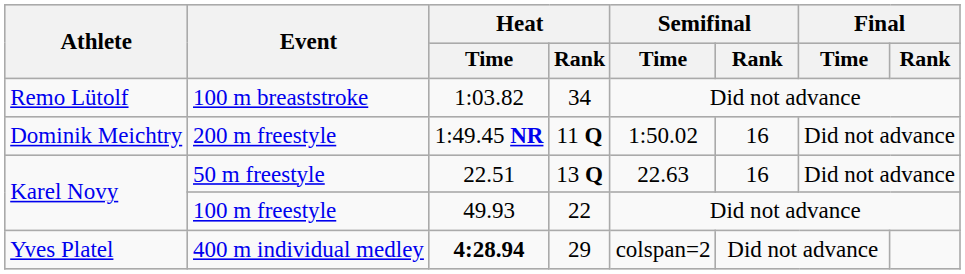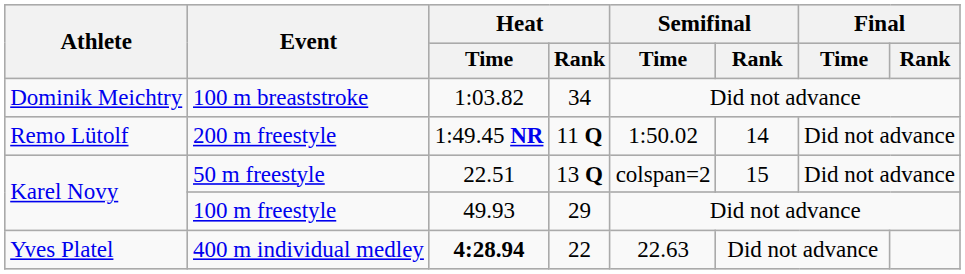 <table class=wikitable style="font-size:90%">
 <tr>
 <th rowspan="2">Athlete</th>
 <th rowspan="2">Event</th>
 <th colspan="2">Heat</th>
 <th colspan="2">Semifinal</th>
 <th colspan="2">Final</th>
 </tr>
 <tr style="font-size:95%">
 <th>Time</th>
 <th>Rank</th>
 <th>Time</th>
 <th>Rank</th>
 <th>Time</th>
 <th>Rank</th>
 </tr>
 <tr align=center>
-<td align=left><a href='#'>Remo Lütolf</a></td>
+<td align=left><a href='#'>Dominik Meichtry</a></td>
 <td align=left><a href='#'>100 m breaststroke</a></td>
 <td>1:03.82</td>
 <td>34</td>
 <td colspan=4>Did not advance</td>
 </tr>
 <tr align=center>
-<td align=left><a href='#'>Dominik Meichtry</a></td>
+<td align=left><a href='#'>Remo Lütolf</a></td>
 <td align=left><a href='#'>200 m freestyle</a></td>
 <td>1:49.45 <strong><a href='#'>NR</a></strong></td>
 <td>11 <strong>Q</strong></td>
 <td>1:50.02</td>
-<td>16</td>
+<td>14</td>
 <td colspan=2>Did not advance</td>
 </tr>
 <tr align=center>
 <td align=left rowspan=2><a href='#'>Karel Novy</a></td>
 <td align=left><a href='#'>50 m freestyle</a></td>
 <td>22.51</td>
 <td>13 <strong>Q</strong></td>
-<td>22.63</td>
-<td>16</td>
+<td>colspan=2 </td>
+<td>15</td>
 <td colspan=2>Did not advance</td>
 </tr>
 <tr align=center>
 <td align=left><a href='#'>100 m freestyle</a></td>
 <td>49.93</td>
-<td>22</td>
+<td>29</td>
 <td colspan=4>Did not advance</td>
 </tr>
 <tr align=center>
 <td align=left><a href='#'>Yves Platel</a></td>
 <td align=left><a href='#'>400 m individual medley</a></td>
 <td><strong>4:28.94</strong></td>
-<td>29</td>
-<td>colspan=2 </td>
+<td>22</td>
+<td>22.63</td>
 <td colspan=2>Did not advance</td>
 </tr>
 </table>
